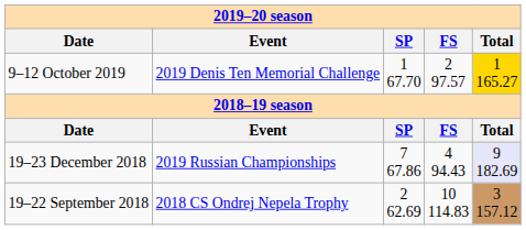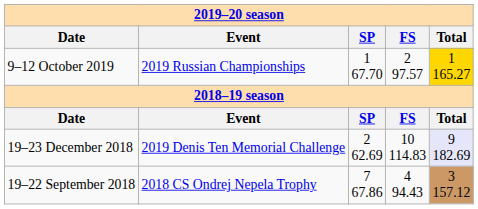 <table class="wikitable">
 <tr>
 <td style="background-color: #ffdead; " colspan=6 align=center><a href='#'><strong>2019–20 season</strong></a></td>
 </tr>
 <tr>
 <th>Date</th>
 <th>Event</th>
 <th><a href='#'>SP</a></th>
 <th><a href='#'>FS</a></th>
 <th>Total</th>
 </tr>
 <tr>
 <td>9–12 October 2019</td>
-<td><a href='#'>2019 Denis Ten Memorial Challenge</a></td>
+<td><a href='#'>2019 Russian Championships</a></td>
 <td align=center>1 <br> 67.70</td>
 <td align=center>2 <br> 97.57</td>
 <td align=center bgcolor=gold>1 <br> 165.27</td>
 </tr>
 <tr>
 <td style="background-color: #ffdead; " colspan=6 align=center><a href='#'><strong>2018–19 season</strong></a></td>
 </tr>
 <tr>
 <th>Date</th>
 <th>Event</th>
 <th><a href='#'>SP</a></th>
 <th><a href='#'>FS</a></th>
 <th>Total</th>
 </tr>
 <tr>
 <td>19–23 December 2018</td>
-<td><a href='#'>2019 Russian Championships</a></td>
-<td align=center>7 <br> 67.86</td>
-<td align=center>4 <br> 94.43</td>
+<td><a href='#'>2019 Denis Ten Memorial Challenge</a></td>
+<td align=center>2 <br> 62.69</td>
+<td align=center>10 <br> 114.83</td>
 <td align=center style="background: lavender;">9 <br> 182.69</td>
 </tr>
 <tr>
 <td>19–22 September 2018</td>
 <td><a href='#'>2018 CS Ondrej Nepela Trophy</a></td>
-<td align=center>2 <br> 62.69</td>
-<td align=center>10 <br> 114.83</td>
+<td align=center>7 <br> 67.86</td>
+<td align=center>4 <br> 94.43</td>
 <td align=center bgcolor=cc9966>3 <br> 157.12</td>
 </tr>
 </table>
